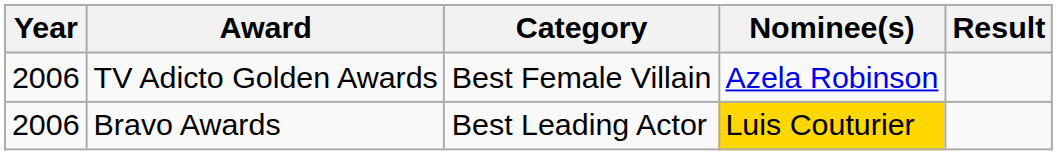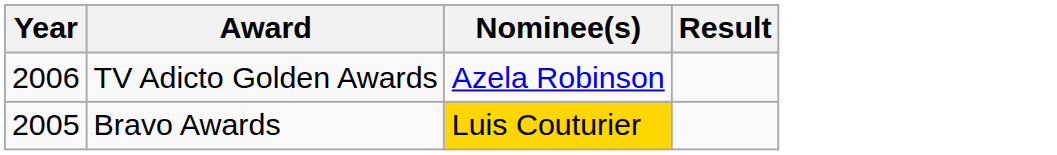 <table class="wikitable">
 <tr style="background:#b0c4de;">
 <th>Year</th>
 <th>Award</th>
-<th>Category</th>
 <th>Nominee(s)</th>
 <th>Result</th>
 </tr>
 <tr>
 <td>2006</td>
 <td>TV Adicto Golden Awards</td>
-<td>Best Female Villain</td>
 <td><a href='#'>Azela Robinson</a></td>
 <td></td>
 </tr>
 <tr>
-<td>2006</td>
+<td>2005</td>
 <td>Bravo Awards</td>
-<td>Best Leading Actor</td>
 <td style="background: gold;">Luis Couturier</td>
 <td></td>
 </tr>
 </table>
